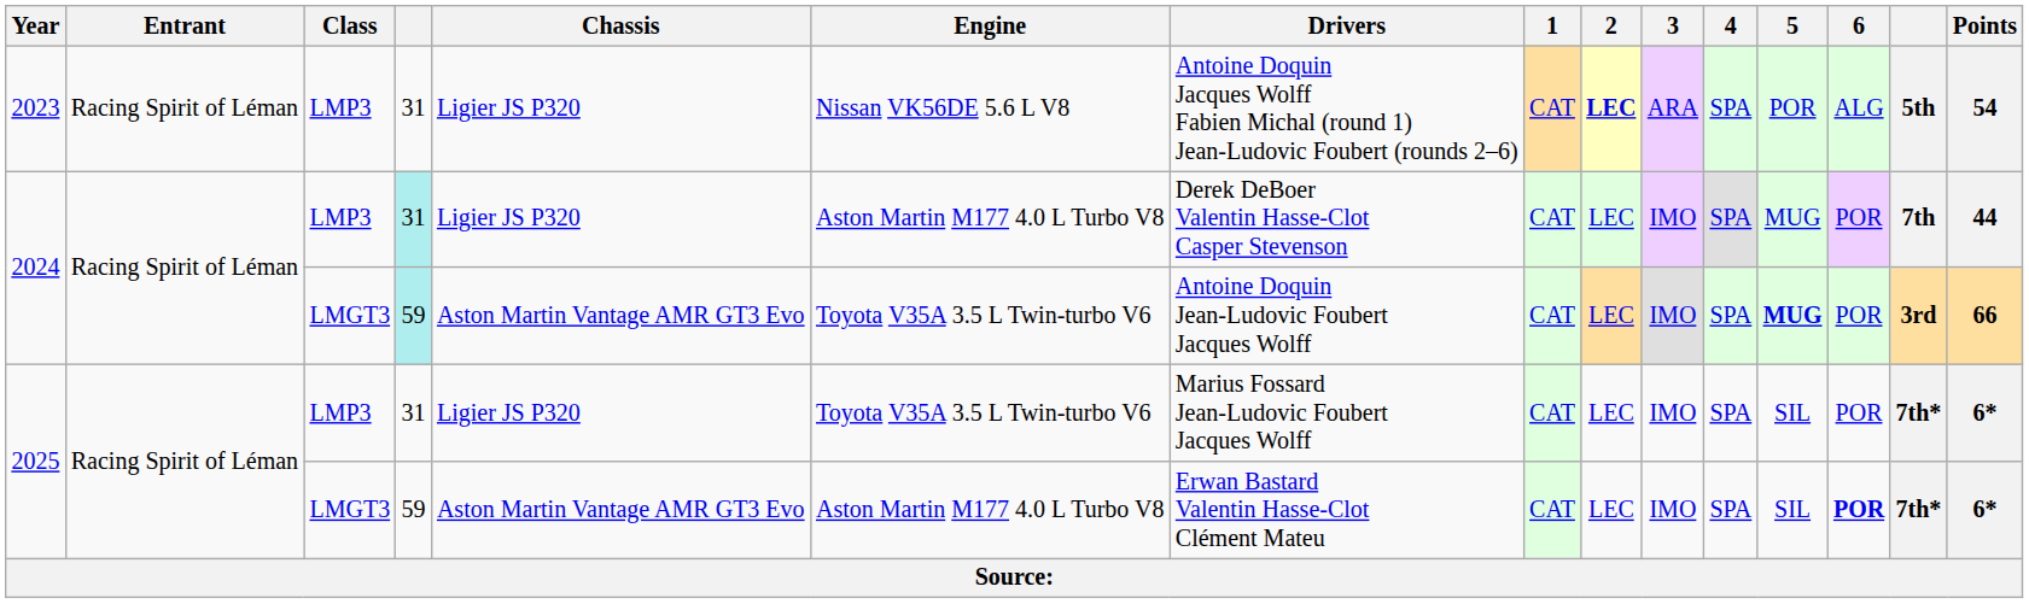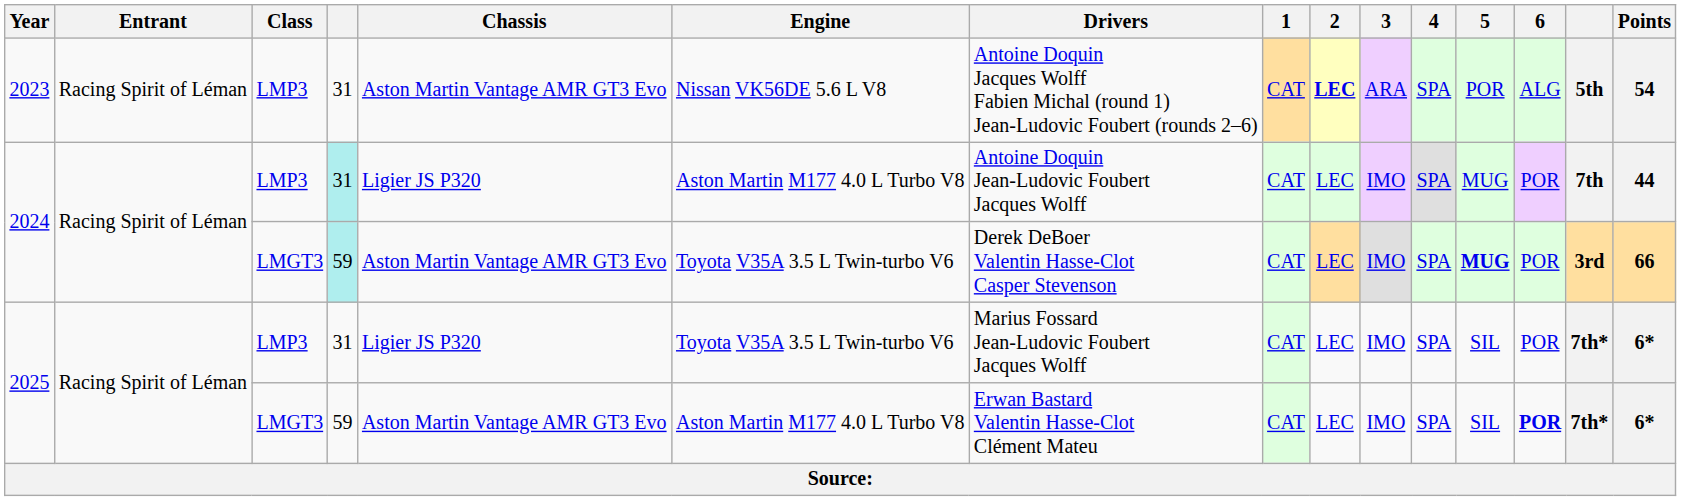 <table class="wikitable" style="font-size: 90%;">
 <tr>
 <th>Year</th>
 <th>Entrant</th>
 <th>Class</th>
 <th></th>
 <th>Chassis</th>
 <th>Engine</th>
 <th>Drivers</th>
 <th>1</th>
 <th>2</th>
 <th>3</th>
 <th>4</th>
 <th>5</th>
 <th>6</th>
 <th></th>
 <th>Points</th>
 </tr>
 <tr>
 <td><a href='#'>2023</a></td>
 <td nowrap align="left"> Racing Spirit of Léman</td>
 <td><a href='#'>LMP3</a></td>
 <td>31</td>
-<td><a href='#'>Ligier JS P320</a></td>
+<td><a href='#'>Aston Martin Vantage AMR GT3 Evo</a></td>
 <td><a href='#'>Nissan</a> <a href='#'>VK56DE</a> 5.6 L V8</td>
 <td> <a href='#'>Antoine Doquin</a><br> Jacques Wolff<br> Fabien Michal (round 1)<br> Jean-Ludovic Foubert (rounds 2–6)</td>
 <td style="background:#FFDF9F;" align="center"><a href='#'>CAT</a><br></td>
 <td style="background:#FFFFBF;" align="center"><strong><a href='#'>LEC</a><br></strong></td>
 <td style="background:#EFCFFF;" align="center"><a href='#'>ARA</a><br></td>
 <td style="background:#DFFFDF;" align="center"><a href='#'>SPA</a><br></td>
 <td style="background:#DFFFDF;" align="center"><a href='#'>POR</a><br></td>
 <td style="background:#DFFFDF;" align="center"><a href='#'>ALG</a><br></td>
 <th>5th</th>
 <th>54</th>
 </tr>
 <tr>
 <td rowspan="2"><a href='#'>2024</a></td>
 <td rowspan="2"> Racing Spirit of Léman</td>
 <td><a href='#'>LMP3</a></td>
 <td style="background: paleturquoise;">31</td>
 <td><a href='#'>Ligier JS P320</a></td>
 <td><a href='#'>Aston Martin</a> <a href='#'>M177</a> 4.0 L Turbo V8</td>
-<td> Derek DeBoer<br> <a href='#'>Valentin Hasse-Clot</a><br> <a href='#'>Casper Stevenson</a></td>
+<td> <a href='#'>Antoine Doquin</a><br> Jean-Ludovic Foubert<br> Jacques Wolff</td>
 <td style="background:#DFFFDF;" align="center"><a href='#'>CAT</a><br></td>
 <td style="background:#DFFFDF;" align="center"><a href='#'>LEC</a><br></td>
 <td style="background:#EFCFFF;" align="center"><a href='#'>IMO</a><br></td>
 <td style="background:#DFDFDF;" align="center"><a href='#'>SPA</a><br></td>
 <td style="background:#DFFFDF;" align="center"><a href='#'>MUG</a><br></td>
 <td style="background:#EFCFFF;" align="center"><a href='#'>POR</a><br></td>
 <th>7th</th>
 <th>44</th>
 </tr>
 <tr>
 <td><a href='#'>LMGT3</a></td>
 <td style="background: paleturquoise;">59</td>
 <td><a href='#'>Aston Martin Vantage AMR GT3 Evo</a></td>
 <td><a href='#'>Toyota</a> <a href='#'>V35A</a> 3.5 L Twin-turbo V6</td>
-<td> <a href='#'>Antoine Doquin</a><br> Jean-Ludovic Foubert<br> Jacques Wolff</td>
+<td> Derek DeBoer<br> <a href='#'>Valentin Hasse-Clot</a><br> <a href='#'>Casper Stevenson</a></td>
 <td style="background:#DFFFDF;" align="center"><a href='#'>CAT</a><br></td>
 <td style="background:#FFDF9F;" align="center"><a href='#'>LEC</a><br></td>
 <td style="background:#DFDFDF;" align="center"><a href='#'>IMO</a><br></td>
 <td style="background:#DFFFDF;" align="center"><a href='#'>SPA</a><br></td>
 <td style="background:#DFFFDF;" align="center"><strong><a href='#'>MUG</a><br></strong></td>
 <td style="background:#DFFFDF;" align="center"><a href='#'>POR</a><br></td>
 <th style="background:#FFDF9F;">3rd</th>
 <th style="background:#FFDF9F;">66</th>
 </tr>
 <tr>
 <td rowspan="2"><a href='#'>2025</a></td>
 <td rowspan="2"> Racing Spirit of Léman</td>
 <td><a href='#'>LMP3</a></td>
 <td>31</td>
 <td><a href='#'>Ligier JS P320</a></td>
 <td><a href='#'>Toyota</a> <a href='#'>V35A</a> 3.5 L Twin-turbo V6</td>
 <td> Marius Fossard<br> Jean-Ludovic Foubert<br> Jacques Wolff</td>
 <td style="background:#dfffdf;" align="center"><a href='#'>CAT</a><br></td>
 <td align="center"><a href='#'>LEC</a></td>
 <td align="center"><a href='#'>IMO</a></td>
 <td align="center"><a href='#'>SPA</a></td>
 <td align="center"><a href='#'>SIL</a></td>
 <td align="center"><a href='#'>POR</a></td>
 <th>7th*</th>
 <th>6*</th>
 </tr>
 <tr>
 <td><a href='#'>LMGT3</a></td>
 <td>59</td>
 <td><a href='#'>Aston Martin Vantage AMR GT3 Evo</a></td>
 <td><a href='#'>Aston Martin</a> <a href='#'>M177</a> 4.0 L Turbo V8</td>
 <td> <a href='#'>Erwan Bastard</a><br> <a href='#'>Valentin Hasse-Clot</a><br> Clément Mateu</td>
 <td style="background:#dfffdf;" align="center"><a href='#'>CAT</a><br></td>
 <td align="center"><a href='#'>LEC</a></td>
 <td align="center"><a href='#'>IMO</a></td>
 <td align="center"><a href='#'>SPA</a></td>
 <td align="center"><a href='#'>SIL</a></td>
 <td align="center"><strong><a href='#'>POR</a></strong></td>
 <th>7th*</th>
 <th>6*</th>
 </tr>
 <tr>
 <th colspan="15">Source:</th>
 </tr>
 </table>
